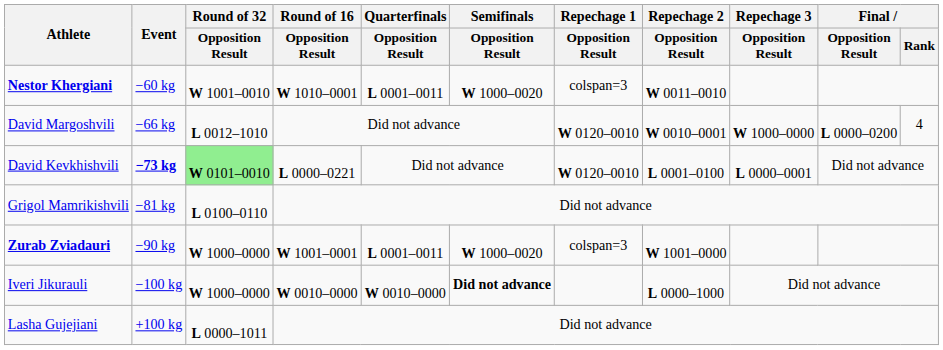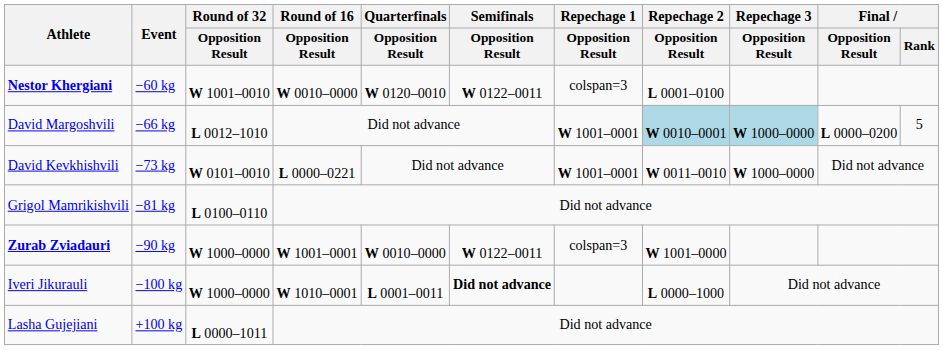 <table class="wikitable" style="font-size:90%">
 <tr>
 <th rowspan="2">Athlete</th>
 <th rowspan="2">Event</th>
 <th>Round of 32</th>
 <th>Round of 16</th>
 <th>Quarterfinals</th>
 <th>Semifinals</th>
 <th>Repechage 1</th>
 <th>Repechage 2</th>
 <th>Repechage 3</th>
 <th colspan=2>Final / </th>
 </tr>
 <tr style="font-size:95%">
 <th>Opposition<br>Result</th>
 <th>Opposition<br>Result</th>
 <th>Opposition<br>Result</th>
 <th>Opposition<br>Result</th>
 <th>Opposition<br>Result</th>
 <th>Opposition<br>Result</th>
 <th>Opposition<br>Result</th>
 <th>Opposition<br>Result</th>
 <th>Rank</th>
 </tr>
 <tr align=center>
 <td align=left><strong><a href='#'>Nestor Khergiani</a></strong></td>
 <td align=left><a href='#'>−60 kg</a></td>
 <td><br><strong>W</strong> 1001–0010</td>
-<td><br><strong>W</strong> 1010–0001</td>
-<td><br><strong>L</strong> 0001–0011</td>
-<td><br><strong>W</strong> 1000–0020</td>
+<td><br><strong>W</strong> 0010–0000</td>
+<td><br><strong>W</strong> 0120–0010</td>
+<td><br><strong>W</strong> 0122–0011</td>
 <td>colspan=3 </td>
-<td><br><strong>W</strong> 0011–0010</td>
+<td><br><strong>L</strong> 0001–0100</td>
 <td></td>
 </tr>
 <tr align=center>
 <td align=left><a href='#'>David Margoshvili</a></td>
 <td align=left><a href='#'>−66 kg</a></td>
 <td><br><strong>L</strong> 0012–1010</td>
 <td colspan=3>Did not advance</td>
-<td><br><strong>W</strong> 0120–0010</td>
-<td><br><strong>W</strong> 0010–0001</td>
-<td><br><strong>W</strong> 1000–0000</td>
+<td><br><strong>W</strong> 1001–0001</td>
+<td style="background: lightblue;"><br><strong>W</strong> 0010–0001</td>
+<td style="background: lightblue;"><br><strong>W</strong> 1000–0000</td>
 <td><br><strong>L</strong> 0000–0200</td>
-<td>4</td>
+<td>5</td>
 </tr>
 <tr align=center>
 <td align=left><a href='#'>David Kevkhishvili</a></td>
-<td align=left><strong><a href='#'>−73 kg</a></strong></td>
-<td style="background: lightgreen;"><br><strong>W</strong> 0101–0010</td>
+<td align=left><a href='#'>−73 kg</a></td>
+<td><br><strong>W</strong> 0101–0010</td>
 <td><br><strong>L</strong> 0000–0221</td>
 <td colspan=2>Did not advance</td>
-<td><br><strong>W</strong> 0120–0010</td>
-<td><br><strong>L</strong> 0001–0100</td>
-<td><br><strong>L</strong> 0000–0001</td>
+<td><br><strong>W</strong> 1001–0001</td>
+<td><br><strong>W</strong> 0011–0010</td>
+<td><br><strong>W</strong> 1000–0000</td>
 <td colspan=2>Did not advance</td>
 </tr>
 <tr align=center>
 <td align=left><a href='#'>Grigol Mamrikishvili</a></td>
 <td align=left><a href='#'>−81 kg</a></td>
 <td><br><strong>L</strong> 0100–0110</td>
 <td colspan=8>Did not advance</td>
 </tr>
 <tr align=center>
 <td align=left><strong><a href='#'>Zurab Zviadauri</a></strong></td>
 <td align=left><a href='#'>−90 kg</a></td>
 <td><br><strong>W</strong> 1000–0000</td>
 <td><br><strong>W</strong> 1001–0001</td>
-<td><br><strong>L</strong> 0001–0011</td>
-<td><br><strong>W</strong> 1000–0020</td>
+<td><br><strong>W</strong> 0010–0000</td>
+<td><br><strong>W</strong> 0122–0011</td>
 <td>colspan=3 </td>
 <td><br><strong>W</strong> 1001–0000</td>
 <td></td>
 </tr>
 <tr align=center>
 <td align=left><a href='#'>Iveri Jikurauli</a></td>
 <td align=left><a href='#'>−100 kg</a></td>
 <td><br><strong>W</strong> 1000–0000</td>
-<td><br><strong>W</strong> 0010–0000</td>
-<td><br><strong>W</strong> 0010–0000</td>
+<td><br><strong>W</strong> 1010–0001</td>
+<td><br><strong>L</strong> 0001–0011</td>
 <td><strong>Did not advance</strong></td>
 <td></td>
 <td><br><strong>L</strong> 0000–1000</td>
 <td colspan=3>Did not advance</td>
 </tr>
 <tr align=center>
 <td align=left><a href='#'>Lasha Gujejiani</a></td>
 <td align=left><a href='#'>+100 kg</a></td>
 <td><br><strong>L</strong> 0000–1011</td>
 <td colspan=8>Did not advance</td>
 </tr>
 </table>
